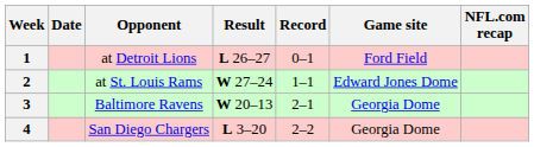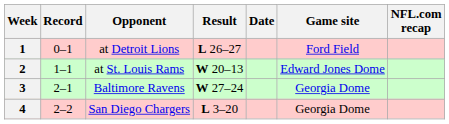 <table class="wikitable" style="text-align:center">
 <tr>
 <th>Week</th>
-<th>Date</th>
+<th>Record</th>
 <th>Opponent</th>
 <th>Result</th>
-<th>Record</th>
+<th>Date</th>
 <th>Game site</th>
 <th>NFL.com<br>recap</th>
 </tr>
 <tr style="background:#ffcccc" align="center">
 <th>1</th>
-<td></td>
+<td align="center">0–1</td>
 <td>at <a href='#'>Detroit Lions</a></td>
 <td align="center"><strong>L</strong> 26–27</td>
-<td align="center">0–1</td>
+<td></td>
 <td><a href='#'>Ford Field</a></td>
 <td></td>
 </tr>
 <tr bgcolor="ccffcc" align="center">
 <th>2</th>
+<td align="center">1–1</td>
+<td>at <a href='#'>St. Louis Rams</a></td>
+<td align="center"><strong>W</strong> 20–13</td>
 <td></td>
-<td>at <a href='#'>St. Louis Rams</a></td>
-<td align="center"><strong>W</strong> 27–24</td>
-<td align="center">1–1</td>
 <td><a href='#'>Edward Jones Dome</a></td>
 <td></td>
 </tr>
 <tr bgcolor="ccffcc" align="center">
 <th>3</th>
+<td align="center">2–1</td>
+<td><a href='#'>Baltimore Ravens</a></td>
+<td align="center"><strong>W</strong> 27–24</td>
 <td></td>
-<td><a href='#'>Baltimore Ravens</a></td>
-<td align="center"><strong>W</strong> 20–13</td>
-<td align="center">2–1</td>
 <td><a href='#'>Georgia Dome</a></td>
 <td></td>
 </tr>
 <tr style="background:#ffcccc" align="center">
 <th>4</th>
-<td></td>
+<td align="center">2–2</td>
 <td><a href='#'>San Diego Chargers</a></td>
 <td align="center"><strong>L</strong> 3–20</td>
-<td align="center">2–2</td>
+<td></td>
 <td>Georgia Dome</td>
 <td></td>
 </tr>
 </table>
